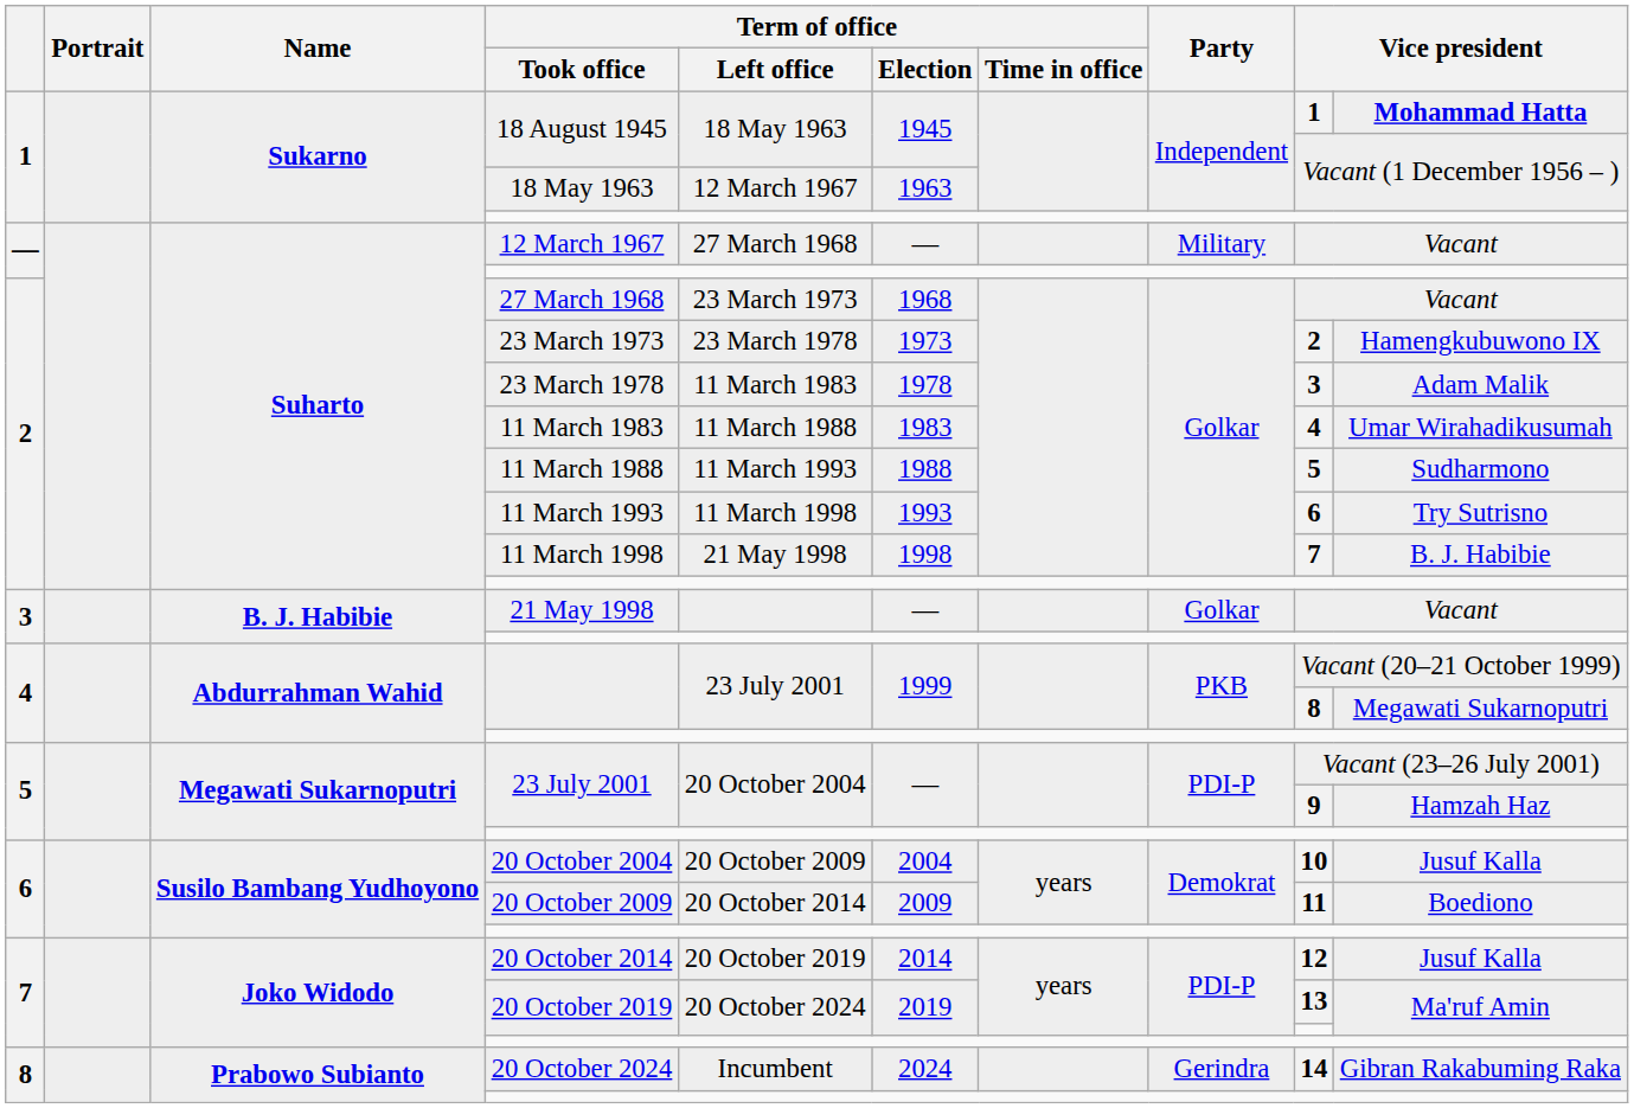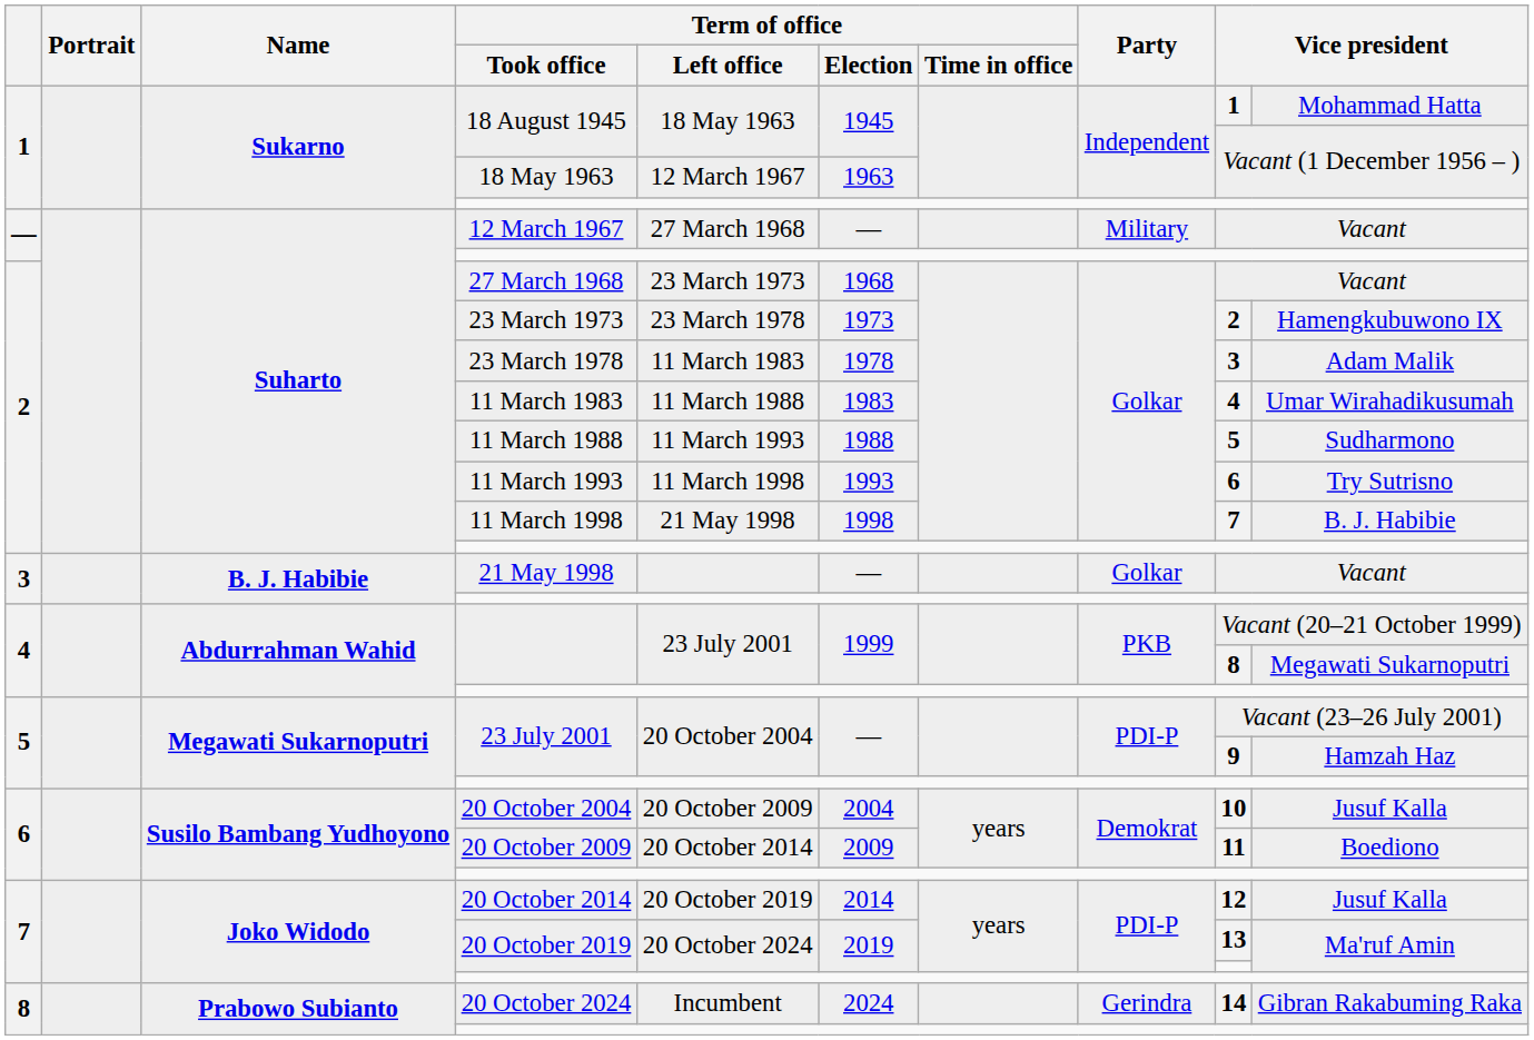 <table class="wikitable sortable sticky-header" style="text-align:center">
 <tr>
 <th rowspan="2"></th>
 <th rowspan="2">Portrait</th>
 <th rowspan="2">Name</th>
 <th colspan="4">Term of office</th>
 <th rowspan="2">Party</th>
 <th rowspan="2" colspan="2">Vice president</th>
 </tr>
 <tr>
 <th>Took office</th>
 <th>Left office</th>
 <th>Election</th>
 <th>Time in office</th>
 </tr>
 <tr bgcolor="#EEEEEE">
 <th rowspan="4" style="background:">1</th>
 <td rowspan="4"></td>
 <td rowspan="4"><strong><a href='#'>Sukarno</a></strong><br></td>
 <td rowspan="2">18 August 1945</td>
 <td rowspan="2">18 May 1963</td>
 <td rowspan="2"><a href='#'>1945</a></td>
 <td rowspan="3"></td>
 <td rowspan="3"><a href='#'>Independent</a></td>
 <th style="background:">1</th>
-<td><strong><a href='#'>Mohammad Hatta</a></strong></td>
+<td><a href='#'>Mohammad Hatta</a></td>
 </tr>
 <tr bgcolor="#EEEEEE" style="height:20px;">
 <td colspan="3" rowspan="2"><em>Vacant</em> (1 December 1956 – )</td>
 </tr>
 <tr bgcolor="#EEEEEE">
 <td>18 May 1963</td>
 <td>12 March 1967</td>
 <td><a href='#'>1963</a></td>
 </tr>
 <tr>
 <td colspan="7" align="left"></td>
 </tr>
 <tr bgcolor="#EEEEEE">
 <th rowspan="2" style="background:">—</th>
 <td rowspan="10"></td>
 <td rowspan="10"><strong><a href='#'>Suharto</a></strong><br></td>
 <td><a href='#'>12 March 1967</a></td>
 <td>27 March 1968</td>
 <td>—</td>
 <td></td>
 <td><a href='#'>Military</a></td>
 <td colspan="2"><em>Vacant</em></td>
 </tr>
 <tr>
 <td colspan="7" align="left"></td>
 </tr>
 <tr bgcolor="#EEEEEE">
 <th rowspan="8" style="background:">2</th>
 <td><a href='#'>27 March 1968</a></td>
 <td>23 March 1973</td>
 <td><a href='#'>1968</a></td>
 <td rowspan="7"></td>
 <td rowspan="7"><a href='#'>Golkar</a><br></td>
 <td colspan="2"><em>Vacant</em></td>
 </tr>
 <tr bgcolor="#EEEEEE">
 <td>23 March 1973</td>
 <td>23 March 1978</td>
 <td><a href='#'>1973</a></td>
 <th style="background:">2</th>
 <td><a href='#'>Hamengkubuwono IX</a></td>
 </tr>
 <tr bgcolor="#EEEEEE">
 <td>23 March 1978</td>
 <td>11 March 1983</td>
 <td><a href='#'>1978</a></td>
 <th style="background:">3</th>
 <td><a href='#'>Adam Malik</a></td>
 </tr>
 <tr bgcolor="#EEEEEE">
 <td>11 March 1983</td>
 <td>11 March 1988</td>
 <td><a href='#'>1983</a></td>
 <th style="background:">4</th>
 <td><a href='#'>Umar Wirahadikusumah</a></td>
 </tr>
 <tr bgcolor="#EEEEEE">
 <td>11 March 1988</td>
 <td>11 March 1993</td>
 <td><a href='#'>1988</a></td>
 <th style="background:">5</th>
 <td><a href='#'>Sudharmono</a></td>
 </tr>
 <tr bgcolor="#EEEEEE">
 <td>11 March 1993</td>
 <td>11 March 1998</td>
 <td><a href='#'>1993</a></td>
 <th style="background:">6</th>
 <td><a href='#'>Try Sutrisno</a></td>
 </tr>
 <tr bgcolor="#EEEEEE">
 <td>11 March 1998</td>
 <td>21 May 1998</td>
 <td><a href='#'>1998</a></td>
 <th style="background:">7</th>
 <td><a href='#'>B. J. Habibie</a></td>
 </tr>
 <tr>
 <td colspan="7" align="left"></td>
 </tr>
 <tr bgcolor="#EEEEEE">
 <th rowspan="2" style="background:">3</th>
 <td rowspan="2"></td>
 <td rowspan="2"><strong><a href='#'>B. J. Habibie</a></strong><br></td>
 <td><a href='#'>21 May 1998</a></td>
 <td></td>
 <td>—</td>
 <td></td>
 <td><a href='#'>Golkar</a></td>
 <td colspan="2"><em>Vacant</em></td>
 </tr>
 <tr>
 <td colspan="7" align="left"></td>
 </tr>
 <tr bgcolor="#EEEEEE">
 <th rowspan="3" style="background:">4</th>
 <td rowspan="3"></td>
 <td rowspan="3"><strong><a href='#'>Abdurrahman Wahid</a></strong><br></td>
 <td rowspan="2"></td>
 <td rowspan="2">23 July 2001</td>
 <td rowspan="2"><a href='#'>1999</a></td>
 <td rowspan="2"></td>
 <td rowspan="2"><a href='#'>PKB</a></td>
 <td colspan="2"><em>Vacant</em> (20–21 October 1999)</td>
 </tr>
 <tr bgcolor="#EEEEEE">
 <th style="background:">8</th>
 <td><a href='#'>Megawati Sukarnoputri</a></td>
 </tr>
 <tr>
 <td colspan="7" align="left"></td>
 </tr>
 <tr bgcolor="#EEEEEE">
 <th rowspan="3" style="background:">5</th>
 <td rowspan="3"></td>
 <td rowspan="3"><strong><a href='#'>Megawati Sukarnoputri</a></strong><br></td>
 <td rowspan="2"><a href='#'>23 July 2001</a></td>
 <td rowspan="2">20 October 2004</td>
 <td rowspan="2">—</td>
 <td rowspan="2"></td>
 <td rowspan="2"><a href='#'>PDI-P</a></td>
 <td colspan="2"><em>Vacant</em> (23–26 July 2001)</td>
 </tr>
 <tr bgcolor="#EEEEEE">
 <th style="background:">9</th>
 <td><a href='#'>Hamzah Haz</a></td>
 </tr>
 <tr>
 <td colspan="7" align="left"></td>
 </tr>
 <tr bgcolor="#EEEEEE">
 <th rowspan="3" style="background:">6</th>
 <td rowspan="3"></td>
 <td rowspan="3"><strong><a href='#'>Susilo Bambang Yudhoyono</a></strong><br></td>
 <td><a href='#'>20 October 2004</a></td>
 <td>20 October 2009</td>
 <td><a href='#'>2004</a></td>
 <td rowspan="2"> years</td>
 <td rowspan="2"><a href='#'>Demokrat</a></td>
 <th style="background:">10</th>
 <td><a href='#'>Jusuf Kalla</a></td>
 </tr>
 <tr bgcolor="#EEEEEE">
 <td><a href='#'>20 October 2009</a></td>
 <td>20 October 2014</td>
 <td><a href='#'>2009</a></td>
 <th style="background:">11</th>
 <td><a href='#'>Boediono</a></td>
 </tr>
 <tr>
 <td colspan="7" align="left"></td>
 </tr>
 <tr bgcolor="#EEEEEE">
 <th rowspan="4" style="background:">7</th>
 <td rowspan="4"></td>
 <td rowspan="4"><strong><a href='#'>Joko Widodo</a></strong><br></td>
 <td><a href='#'>20 October 2014</a></td>
 <td>20 October 2019</td>
 <td><a href='#'>2014</a></td>
 <td rowspan="3"> years</td>
 <td rowspan="3"><a href='#'>PDI-P</a></td>
 <th style="background:">12<br></th>
 <td><a href='#'>Jusuf Kalla</a></td>
 </tr>
 <tr bgcolor="#EEEEEE">
 <td rowspan="2"><a href='#'>20 October 2019</a></td>
 <td rowspan="2">20 October 2024</td>
 <td rowspan="2"><a href='#'>2019</a></td>
 <th style="background:">13</th>
 <td rowspan="2"><a href='#'>Ma'ruf Amin</a></td>
 </tr>
 <tr>
 <td style="background:"></td>
 </tr>
 <tr>
 <td colspan="7" align="left"></td>
 </tr>
 <tr bgcolor="#EEEEEE">
 <th rowspan="2" style="background:">8</th>
 <td rowspan="2"></td>
 <td rowspan="2"><strong><a href='#'>Prabowo Subianto</a></strong><br></td>
 <td><a href='#'>20 October 2024</a></td>
 <td>Incumbent</td>
 <td><a href='#'>2024</a></td>
 <td></td>
 <td><a href='#'>Gerindra</a></td>
 <th style="background:">14</th>
 <td><a href='#'>Gibran Rakabuming Raka</a></td>
 </tr>
 <tr>
 <td colspan="7" align="left"></td>
 </tr>
 </table>
